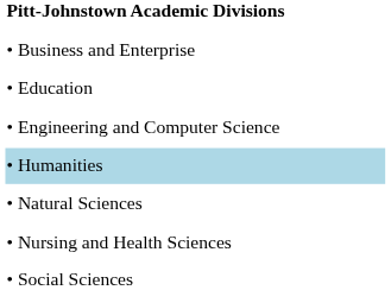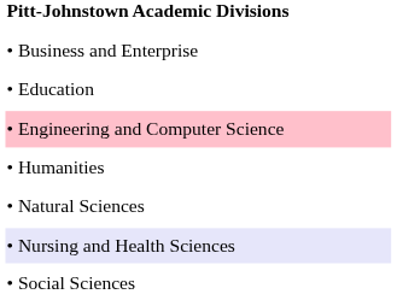 <table class="toccolours" style="float:right; margin-right:1em; font-size:90%; line-height:1.8em; width:300px; margin:10px">
 <tr>
 <th colspan=2 style="text-align: left;">Pitt-Johnstown Academic Divisions</th>
 </tr>
 <tr>
 <td>• Business and Enterprise</td>
 </tr>
 <tr>
 <td>• Education</td>
 </tr>
 <tr>
-<td>• Engineering and Computer Science</td>
+<td style="background: pink;">• Engineering and Computer Science</td>
 </tr>
 <tr>
-<td style="background: lightblue;">• Humanities</td>
+<td>• Humanities</td>
 </tr>
 <tr>
 <td>• Natural Sciences</td>
 </tr>
 <tr>
-<td>• Nursing and Health Sciences</td>
+<td style="background: lavender;">• Nursing and Health Sciences</td>
 </tr>
 <tr>
 <td>• Social Sciences</td>
 </tr>
 <tr>
 </tr>
 </table>
